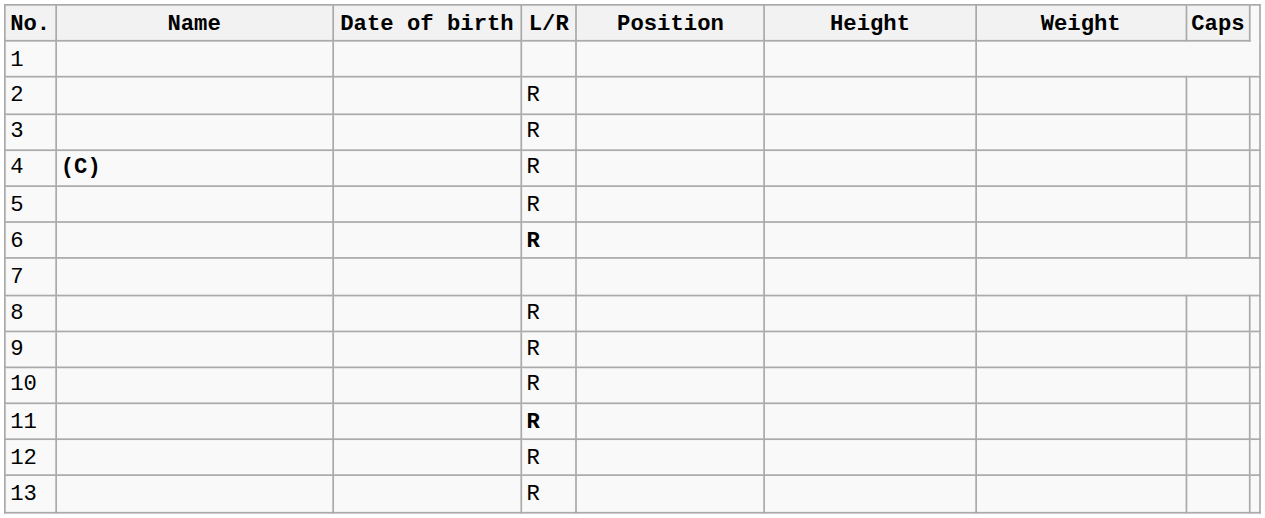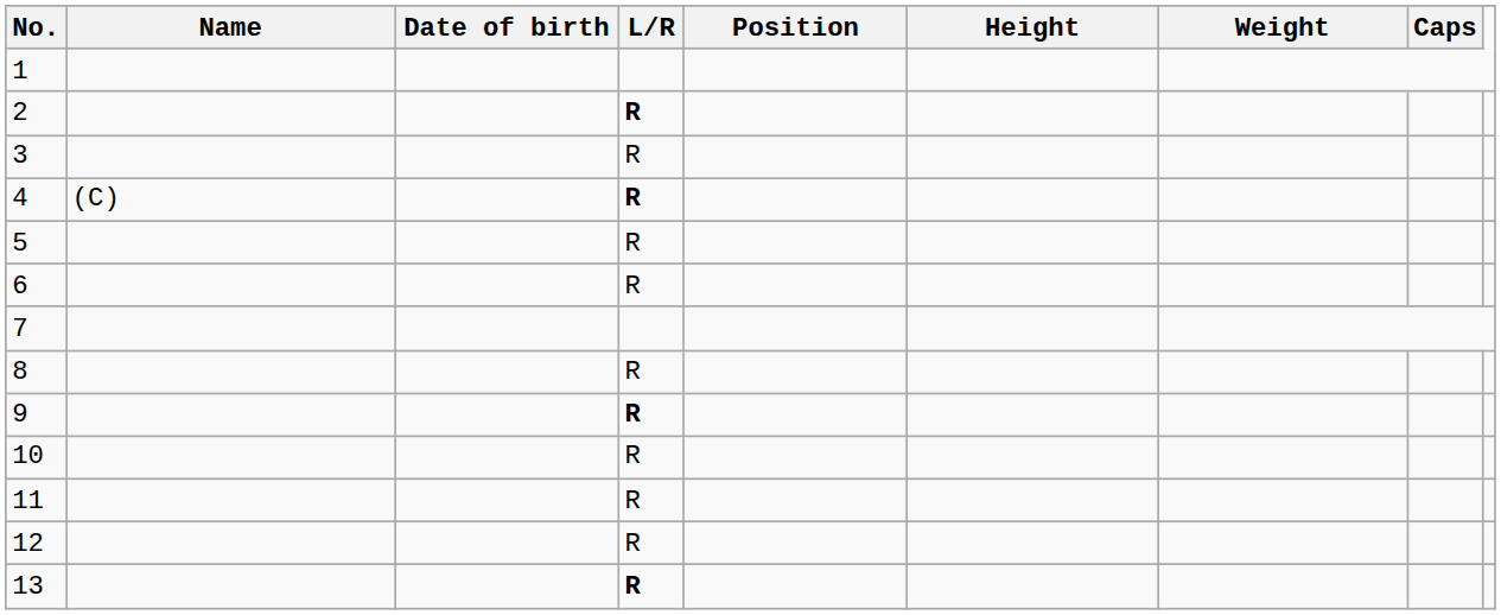 <table class=wikitable sortable style=font-size:100%; text-align:center;>
 <tr>
 <th>No.</th>
 <th style=width:12em>Name</th>
 <th style=width:8em>Date of birth</th>
 <th style=width:2em>L/R</th>
 <th style=width:8em>Position</th>
 <th style=width:9em>Height</th>
 <th style=width:9em>Weight</th>
 <th>Caps</th>
 </tr>
 <tr>
 <td>1</td>
 <td align=left></td>
 <td></td>
 <td></td>
 <td></td>
 <td></td>
 </tr>
 <tr>
 <td>2</td>
 <td align=left></td>
 <td></td>
-<td>R</td>
+<td><strong>R</strong></td>
 <td></td>
 <td></td>
 <td></td>
 <td></td>
 <td></td>
 </tr>
 <tr>
 <td>3</td>
 <td align=left></td>
 <td></td>
 <td>R</td>
 <td></td>
 <td></td>
 <td></td>
 <td></td>
 <td></td>
 </tr>
 <tr>
 <td>4</td>
-<td align=left><strong> (C)</strong></td>
+<td align=left> (C)</td>
 <td></td>
-<td>R</td>
+<td><strong>R</strong></td>
 <td></td>
 <td></td>
 <td></td>
 <td></td>
 <td></td>
 </tr>
 <tr>
 <td>5</td>
 <td align=left></td>
 <td></td>
 <td>R</td>
 <td></td>
 <td></td>
 <td></td>
 <td></td>
 <td></td>
 </tr>
 <tr>
 <td>6</td>
 <td align=left></td>
 <td></td>
-<td><strong>R</strong></td>
+<td>R</td>
 <td></td>
 <td></td>
 <td></td>
 <td></td>
 <td></td>
 </tr>
 <tr>
 <td>7</td>
 <td align=left></td>
 <td></td>
 <td></td>
 <td></td>
 <td></td>
 </tr>
 <tr>
 <td>8</td>
 <td align=left></td>
 <td></td>
 <td>R</td>
 <td></td>
 <td></td>
 <td></td>
 <td></td>
 <td></td>
 </tr>
 <tr>
 <td>9</td>
 <td align=left></td>
 <td></td>
-<td>R</td>
+<td><strong>R</strong></td>
 <td></td>
 <td></td>
 <td></td>
 <td></td>
 <td></td>
 </tr>
 <tr>
 <td>10</td>
 <td align=left></td>
 <td></td>
 <td>R</td>
 <td></td>
 <td></td>
 <td></td>
 <td></td>
 <td></td>
 </tr>
 <tr>
 <td>11</td>
 <td align=left></td>
 <td></td>
-<td><strong>R</strong></td>
+<td>R</td>
 <td></td>
 <td></td>
 <td></td>
 <td></td>
 <td></td>
 </tr>
 <tr>
 <td>12</td>
 <td align=left></td>
 <td></td>
 <td>R</td>
 <td></td>
 <td></td>
 <td></td>
 <td></td>
 <td></td>
 </tr>
 <tr>
 <td>13</td>
 <td align=left></td>
 <td></td>
-<td>R</td>
+<td><strong>R</strong></td>
 <td></td>
 <td></td>
 <td></td>
 <td></td>
 <td></td>
 </tr>
 </table>
